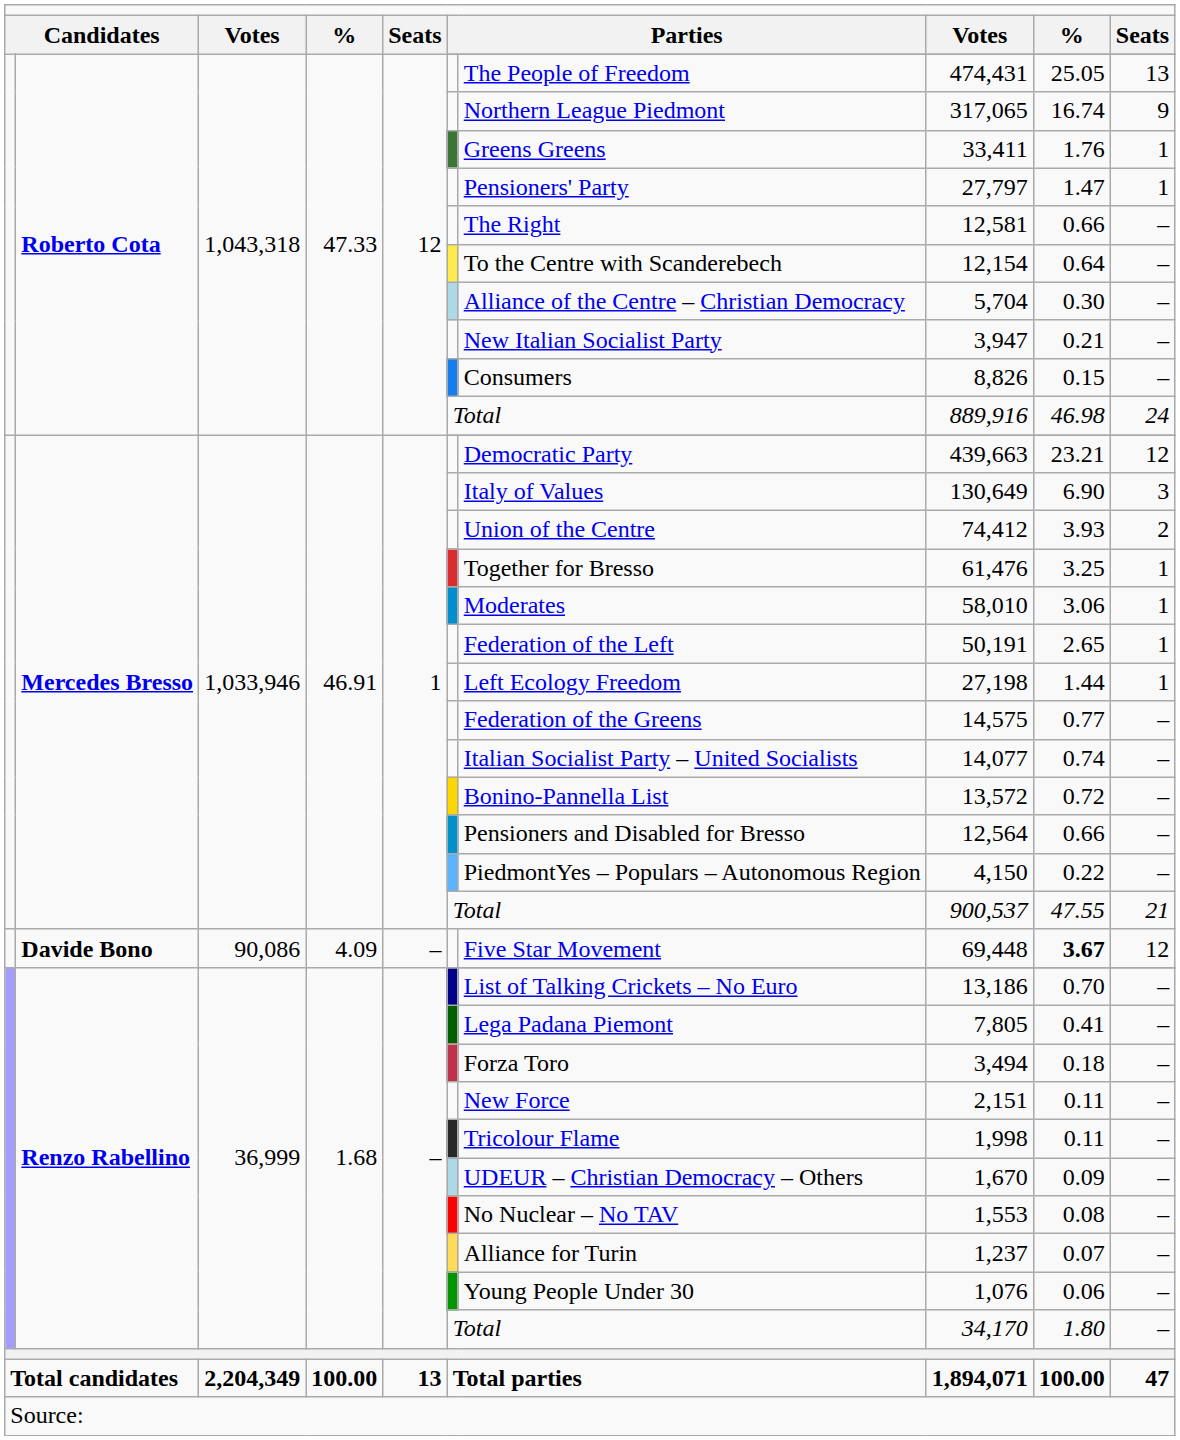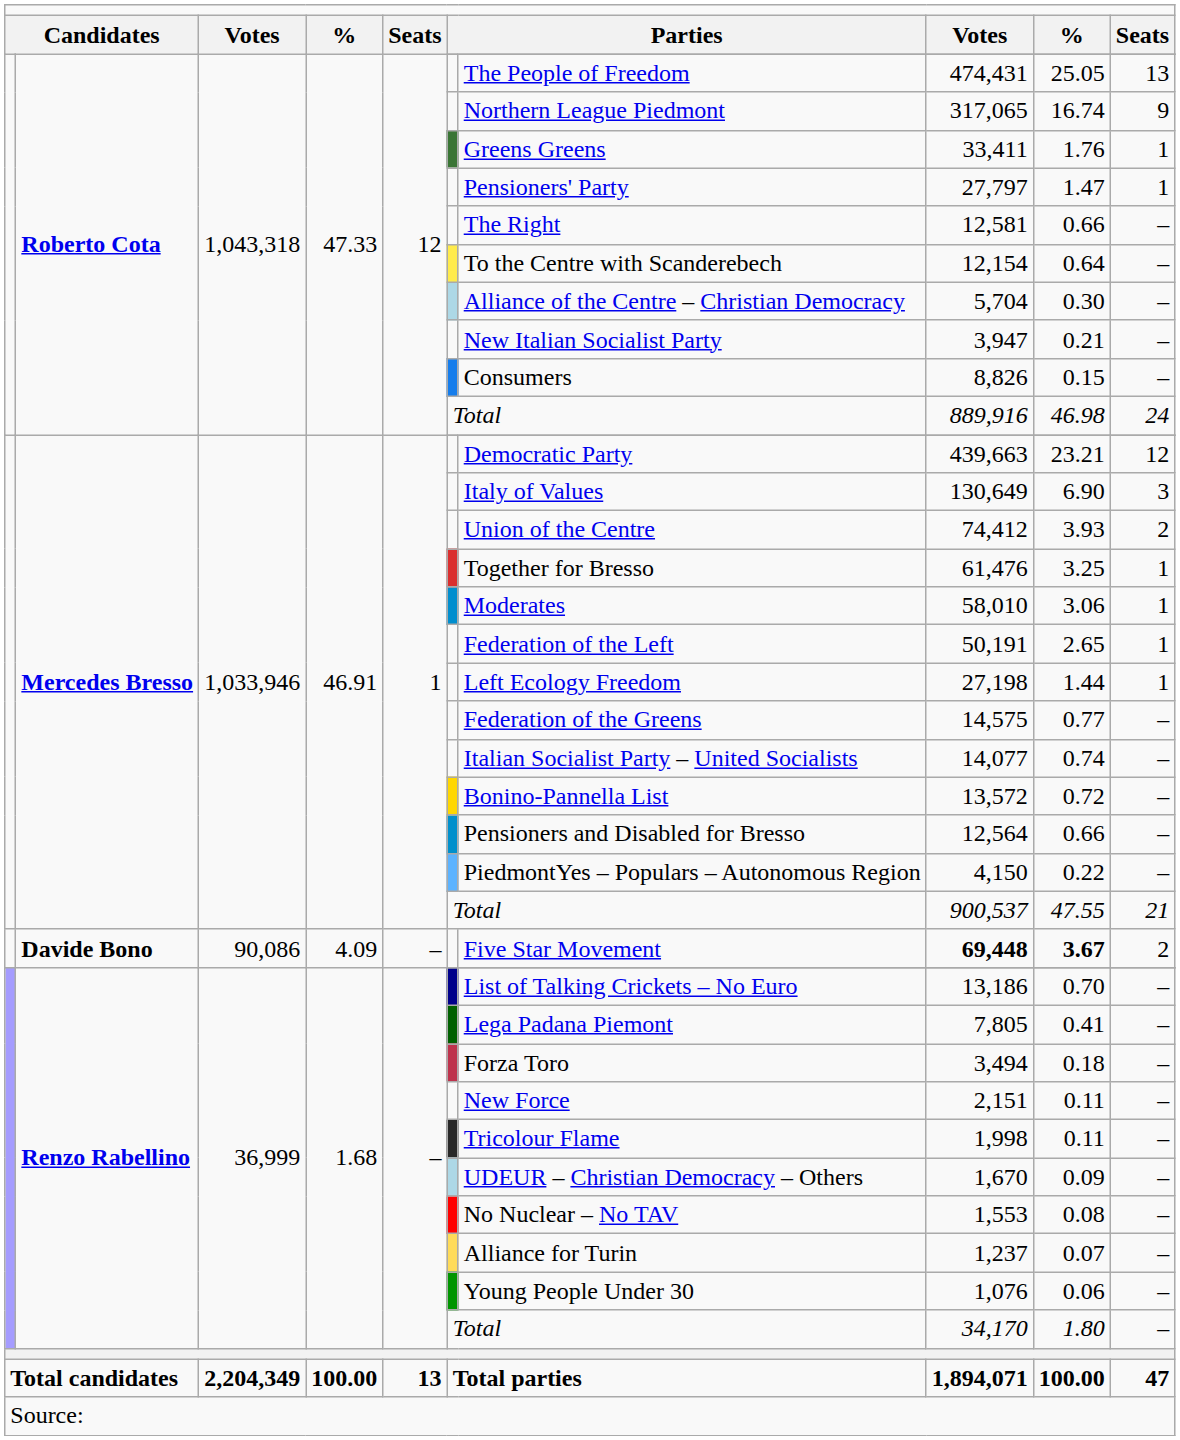 <table class="wikitable">
 <tr>
 <td colspan=10></td>
 </tr>
 <tr>
 <th colspan=2>Candidates</th>
 <th>Votes</th>
 <th>%</th>
 <th>Seats</th>
 <th colspan=2>Parties</th>
 <th>Votes</th>
 <th>%</th>
 <th>Seats</th>
 </tr>
 <tr>
 <td rowspan=11></td>
 <td rowspan=11><strong><a href='#'>Roberto Cota</a></strong></td>
 <td rowspan=11 align=right>1,043,318</td>
 <td rowspan=11 align=right>47.33</td>
 <td rowspan=11 align=right>12</td>
 </tr>
 <tr>
 <td></td>
 <td><a href='#'>The People of Freedom</a></td>
 <td align=right>474,431</td>
 <td align=right>25.05</td>
 <td align=right>13</td>
 </tr>
 <tr>
 <td></td>
 <td><a href='#'>Northern League Piedmont</a></td>
 <td align=right>317,065</td>
 <td align=right>16.74</td>
 <td align=right>9</td>
 </tr>
 <tr>
 <td bgcolor="#3A7535"></td>
 <td><a href='#'>Greens Greens</a></td>
 <td align=right>33,411</td>
 <td align=right>1.76</td>
 <td align=right>1</td>
 </tr>
 <tr>
 <td></td>
 <td><a href='#'>Pensioners' Party</a></td>
 <td align=right>27,797</td>
 <td align=right>1.47</td>
 <td align=right>1</td>
 </tr>
 <tr>
 <td></td>
 <td><a href='#'>The Right</a></td>
 <td align=right>12,581</td>
 <td align=right>0.66</td>
 <td align=right>–</td>
 </tr>
 <tr>
 <td bgcolor="#FFEB4B"></td>
 <td>To the Centre with Scanderebech</td>
 <td align=right>12,154</td>
 <td align=right>0.64</td>
 <td align=right>–</td>
 </tr>
 <tr>
 <td bgcolor="lightblue"></td>
 <td><a href='#'>Alliance of the Centre</a> – <a href='#'>Christian Democracy</a></td>
 <td align=right>5,704</td>
 <td align=right>0.30</td>
 <td align=right>–</td>
 </tr>
 <tr>
 <td></td>
 <td><a href='#'>New Italian Socialist Party</a></td>
 <td align=right>3,947</td>
 <td align=right>0.21</td>
 <td align=right>–</td>
 </tr>
 <tr>
 <td bgcolor="#157DEC"></td>
 <td>Consumers</td>
 <td align=right>8,826</td>
 <td align=right>0.15</td>
 <td align=right>–</td>
 </tr>
 <tr>
 <td colspan=2><em>Total</em></td>
 <td align=right><em>889,916</em></td>
 <td align=right><em>46.98</em></td>
 <td align=right><em>24</em></td>
 </tr>
 <tr>
 <td rowspan=14></td>
 <td rowspan=14><strong><a href='#'>Mercedes Bresso</a></strong></td>
 <td rowspan=14 align=right>1,033,946</td>
 <td rowspan=14 align=right>46.91</td>
 <td rowspan=14 align=right>1</td>
 </tr>
 <tr>
 <td></td>
 <td><a href='#'>Democratic Party</a></td>
 <td align=right>439,663</td>
 <td align=right>23.21</td>
 <td align=right>12</td>
 </tr>
 <tr>
 <td></td>
 <td><a href='#'>Italy of Values</a></td>
 <td align=right>130,649</td>
 <td align=right>6.90</td>
 <td align=right>3</td>
 </tr>
 <tr>
 <td></td>
 <td><a href='#'>Union of the Centre</a></td>
 <td align=right>74,412</td>
 <td align=right>3.93</td>
 <td align=right>2</td>
 </tr>
 <tr>
 <td bgcolor="#DA2E2E"></td>
 <td>Together for Bresso</td>
 <td align=right>61,476</td>
 <td align=right>3.25</td>
 <td align=right>1</td>
 </tr>
 <tr>
 <td bgcolor="#008ECE"></td>
 <td><a href='#'>Moderates</a></td>
 <td align=right>58,010</td>
 <td align=right>3.06</td>
 <td align=right>1</td>
 </tr>
 <tr>
 <td></td>
 <td><a href='#'>Federation of the Left</a></td>
 <td align=right>50,191</td>
 <td align=right>2.65</td>
 <td align=right>1</td>
 </tr>
 <tr>
 <td></td>
 <td><a href='#'>Left Ecology Freedom</a></td>
 <td align=right>27,198</td>
 <td align=right>1.44</td>
 <td align=right>1</td>
 </tr>
 <tr>
 <td></td>
 <td><a href='#'>Federation of the Greens</a></td>
 <td align=right>14,575</td>
 <td align=right>0.77</td>
 <td align=right>–</td>
 </tr>
 <tr>
 <td></td>
 <td><a href='#'>Italian Socialist Party</a> – <a href='#'>United Socialists</a></td>
 <td align=right>14,077</td>
 <td align=right>0.74</td>
 <td align=right>–</td>
 </tr>
 <tr>
 <td bgcolor="gold"></td>
 <td><a href='#'>Bonino-Pannella List</a></td>
 <td align=right>13,572</td>
 <td align=right>0.72</td>
 <td align=right>–</td>
 </tr>
 <tr>
 <td bgcolor="#0090CC"></td>
 <td>Pensioners and Disabled for Bresso</td>
 <td align=right>12,564</td>
 <td align=right>0.66</td>
 <td align=right>–</td>
 </tr>
 <tr>
 <td bgcolor="#5CB3FF"></td>
 <td>PiedmontYes – Populars – Autonomous Region</td>
 <td align=right>4,150</td>
 <td align=right>0.22</td>
 <td align=right>–</td>
 </tr>
 <tr>
 <td colspan=2><em>Total</em></td>
 <td align=right><em>900,537</em></td>
 <td align=right><em>47.55</em></td>
 <td align=right><em>21</em></td>
 </tr>
 <tr>
 <td></td>
 <td><strong>Davide Bono</strong></td>
 <td align=right>90,086</td>
 <td align=right>4.09</td>
 <td align=right>–</td>
 <td></td>
 <td><a href='#'>Five Star Movement</a></td>
-<td align=right>69,448</td>
+<td align=right><strong>69,448</strong></td>
 <td align=right><strong>3.67</strong></td>
-<td align=right>12</td>
+<td align=right>2</td>
 </tr>
 <tr>
 <td rowspan=11 bgcolor="#A59CFF"></td>
 <td rowspan=11><strong><a href='#'>Renzo Rabellino</a></strong></td>
 <td rowspan=11 align=right>36,999</td>
 <td rowspan=11 align=right>1.68</td>
 <td rowspan=11 align=right>–</td>
 </tr>
 <tr>
 <td bgcolor="darkblue"></td>
 <td><a href='#'>List of Talking Crickets – No Euro</a></td>
 <td align=right>13,186</td>
 <td align=right>0.70</td>
 <td align=right>–</td>
 </tr>
 <tr>
 <td bgcolor="#006000"></td>
 <td><a href='#'>Lega Padana Piemont</a></td>
 <td align=right>7,805</td>
 <td align=right>0.41</td>
 <td align=right>–</td>
 </tr>
 <tr>
 <td bgcolor="#BE324C"></td>
 <td>Forza Toro</td>
 <td align=right>3,494</td>
 <td align=right>0.18</td>
 <td align=right>–</td>
 </tr>
 <tr>
 <td></td>
 <td><a href='#'>New Force</a></td>
 <td align=right>2,151</td>
 <td align=right>0.11</td>
 <td align=right>–</td>
 </tr>
 <tr>
 <td bgcolor="#282828"></td>
 <td><a href='#'>Tricolour Flame</a></td>
 <td align=right>1,998</td>
 <td align=right>0.11</td>
 <td align=right>–</td>
 </tr>
 <tr>
 <td bgcolor="lightblue"></td>
 <td><a href='#'>UDEUR</a> – <a href='#'>Christian Democracy</a> – Others</td>
 <td align=right>1,670</td>
 <td align=right>0.09</td>
 <td align=right>–</td>
 </tr>
 <tr>
 <td bgcolor="red"></td>
 <td>No Nuclear – <a href='#'>No TAV</a></td>
 <td align=right>1,553</td>
 <td align=right>0.08</td>
 <td align=right>–</td>
 </tr>
 <tr>
 <td bgcolor="#FFDB58"></td>
 <td>Alliance for Turin</td>
 <td align=right>1,237</td>
 <td align=right>0.07</td>
 <td align=right>–</td>
 </tr>
 <tr>
 <td bgcolor="#009500"></td>
 <td>Young People Under 30</td>
 <td align=right>1,076</td>
 <td align=right>0.06</td>
 <td align=right>–</td>
 </tr>
 <tr>
 <td colspan=2><em>Total</em></td>
 <td align=right><em>34,170</em></td>
 <td align=right><em>1.80</em></td>
 <td align=right><em>–</em></td>
 </tr>
 <tr>
 <th colspan=10></th>
 </tr>
 <tr>
 <td colspan=2><strong>Total candidates</strong></td>
 <td align=right><strong>2,204,349</strong></td>
 <td align=right><strong>100.00</strong></td>
 <td align=right><strong>13</strong></td>
 <td colspan=2><strong>Total parties</strong></td>
 <td align=right><strong>1,894,071</strong></td>
 <td align=right><strong>100.00</strong></td>
 <td align=right><strong>47</strong></td>
 </tr>
 <tr>
 <td colspan=10>Source: </td>
 </tr>
 </table>
